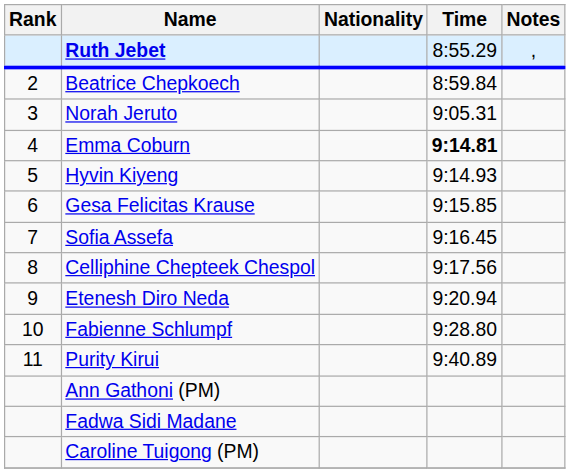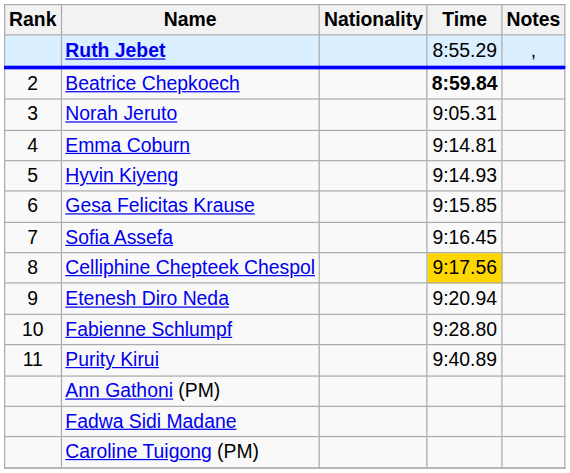 <table class="wikitable sortable" style="text-align:center">
 <tr>
 <th>Rank</th>
 <th>Name</th>
 <th>Nationality</th>
 <th>Time</th>
 <th>Notes</th>
 </tr>
 <tr bgcolor=#daefff>
 <td></td>
 <td align=left><strong><a href='#'>Ruth Jebet</a></strong></td>
 <td align=left><strong></strong></td>
 <td>8:55.29</td>
 <td>, </td>
 </tr>
 <tr style="border-top:3px solid blue;">
 <td>2</td>
 <td align=left><a href='#'>Beatrice Chepkoech</a></td>
 <td align=left></td>
-<td>8:59.84</td>
+<td><strong>8:59.84</strong></td>
 <td></td>
 </tr>
 <tr>
 <td>3</td>
 <td align=left><a href='#'>Norah Jeruto</a></td>
 <td align=left></td>
 <td>9:05.31</td>
 <td></td>
 </tr>
 <tr>
 <td>4</td>
 <td align=left><a href='#'>Emma Coburn</a></td>
 <td align=left></td>
-<td><strong>9:14.81</strong></td>
+<td>9:14.81</td>
 <td></td>
 </tr>
 <tr>
 <td>5</td>
 <td align=left><a href='#'>Hyvin Kiyeng</a></td>
 <td align=left></td>
 <td>9:14.93</td>
 <td></td>
 </tr>
 <tr>
 <td>6</td>
 <td align=left><a href='#'>Gesa Felicitas Krause</a></td>
 <td align=left></td>
 <td>9:15.85</td>
 <td></td>
 </tr>
 <tr>
 <td>7</td>
 <td align=left><a href='#'>Sofia Assefa</a></td>
 <td align=left></td>
 <td>9:16.45</td>
 <td></td>
 </tr>
 <tr>
 <td>8</td>
 <td align=left><a href='#'>Celliphine Chepteek Chespol</a></td>
 <td align=left></td>
-<td>9:17.56</td>
+<td style="background: gold;">9:17.56</td>
 <td></td>
 </tr>
 <tr>
 <td>9</td>
 <td align=left><a href='#'>Etenesh Diro Neda</a></td>
 <td align=left></td>
 <td>9:20.94</td>
 <td></td>
 </tr>
 <tr>
 <td>10</td>
 <td align=left><a href='#'>Fabienne Schlumpf</a></td>
 <td align=left></td>
 <td>9:28.80</td>
 <td></td>
 </tr>
 <tr>
 <td>11</td>
 <td align=left><a href='#'>Purity Kirui</a></td>
 <td align=left></td>
 <td>9:40.89</td>
 <td></td>
 </tr>
 <tr>
 <td></td>
 <td align=left><a href='#'>Ann Gathoni</a> (PM)</td>
 <td align=left></td>
 <td></td>
 <td></td>
 </tr>
 <tr>
 <td></td>
 <td align=left><a href='#'>Fadwa Sidi Madane</a></td>
 <td align=left></td>
 <td></td>
 <td></td>
 </tr>
 <tr>
 <td></td>
 <td align=left><a href='#'>Caroline Tuigong</a> (PM)</td>
 <td align=left></td>
 <td></td>
 <td></td>
 </tr>
 <tr>
 </tr>
 </table>
